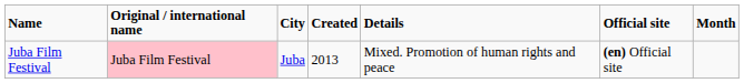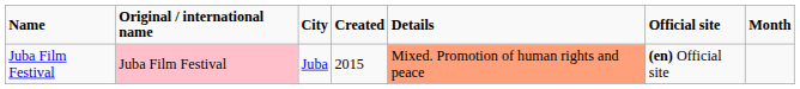 <table class="wikitable">
 <tr>
 <td><strong>Name</strong></td>
 <td><strong>Original / international name</strong></td>
 <td><strong>City</strong></td>
 <td><strong>Created</strong></td>
 <td><strong>Details</strong></td>
 <td><strong>Official site</strong></td>
 <td><strong>Month</strong></td>
 </tr>
 <tr>
 <td><a href='#'>Juba Film Festival</a></td>
 <td style="background: pink;">Juba Film Festival</td>
 <td><a href='#'>Juba</a></td>
-<td>2013</td>
-<td>Mixed. Promotion of human rights and peace</td>
+<td>2015</td>
+<td style="background: lightsalmon;">Mixed. Promotion of human rights and peace</td>
 <td><strong>(en)</strong> Official site</td>
 <td></td>
 </tr>
 </table>
